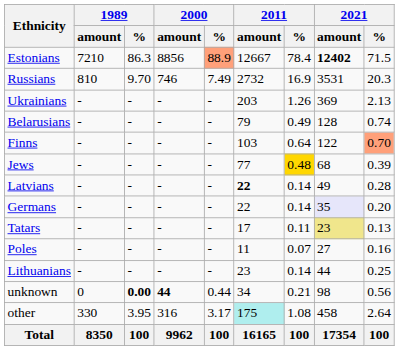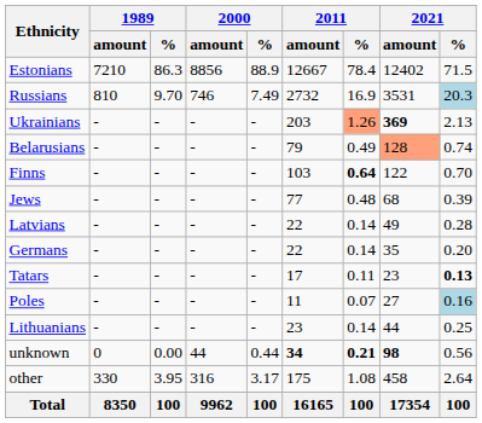 <table class="wikitable sortable mw-collapsible">
 <tr>
 <th rowspan="2">Ethnicity</th>
 <th colspan="2"><a href='#'>1989</a></th>
 <th colspan="2"><a href='#'>2000</a></th>
 <th colspan="2"><a href='#'>2011</a></th>
 <th colspan="2"><a href='#'>2021</a></th>
 </tr>
 <tr>
 <th>amount</th>
 <th>%</th>
 <th>amount</th>
 <th>%</th>
 <th>amount</th>
 <th>%</th>
 <th>amount</th>
 <th>%</th>
 </tr>
 <tr>
 <td><a href='#'>Estonians</a></td>
 <td>7210</td>
 <td>86.3</td>
 <td>8856</td>
-<td style="background: lightsalmon;">88.9</td>
+<td>88.9</td>
 <td>12667</td>
 <td>78.4</td>
-<td><strong>12402</strong></td>
+<td>12402</td>
 <td>71.5</td>
 </tr>
 <tr>
 <td><a href='#'>Russians</a></td>
 <td>810</td>
 <td>9.70</td>
 <td>746</td>
 <td>7.49</td>
 <td>2732</td>
 <td>16.9</td>
 <td>3531</td>
-<td>20.3</td>
+<td style="background: lightblue;">20.3</td>
 </tr>
 <tr>
 <td><a href='#'>Ukrainians</a></td>
 <td>-</td>
 <td>-</td>
 <td>-</td>
 <td>-</td>
 <td>203</td>
-<td>1.26</td>
-<td>369</td>
+<td style="background: lightsalmon;">1.26</td>
+<td><strong>369</strong></td>
 <td>2.13</td>
 </tr>
 <tr>
 <td><a href='#'>Belarusians</a></td>
 <td>-</td>
 <td>-</td>
 <td>-</td>
 <td>-</td>
 <td>79</td>
 <td>0.49</td>
-<td>128</td>
+<td style="background: lightsalmon;">128</td>
 <td>0.74</td>
 </tr>
 <tr>
 <td><a href='#'>Finns</a></td>
 <td>-</td>
 <td>-</td>
 <td>-</td>
 <td>-</td>
 <td>103</td>
-<td>0.64</td>
+<td><strong>0.64</strong></td>
 <td>122</td>
-<td style="background: lightsalmon;">0.70</td>
+<td>0.70</td>
 </tr>
 <tr>
 <td><a href='#'>Jews</a></td>
 <td>-</td>
 <td>-</td>
 <td>-</td>
 <td>-</td>
 <td>77</td>
-<td style="background: gold;">0.48</td>
+<td>0.48</td>
 <td>68</td>
 <td>0.39</td>
 </tr>
 <tr>
 <td><a href='#'>Latvians</a></td>
 <td>-</td>
 <td>-</td>
 <td>-</td>
 <td>-</td>
-<td><strong>22</strong></td>
+<td>22</td>
 <td>0.14</td>
 <td>49</td>
 <td>0.28</td>
 </tr>
 <tr>
 <td><a href='#'>Germans</a></td>
 <td>-</td>
 <td>-</td>
 <td>-</td>
 <td>-</td>
 <td>22</td>
 <td>0.14</td>
-<td style="background: lavender;">35</td>
+<td>35</td>
 <td>0.20</td>
 </tr>
 <tr>
 <td><a href='#'>Tatars</a></td>
 <td>-</td>
 <td>-</td>
 <td>-</td>
 <td>-</td>
 <td>17</td>
 <td>0.11</td>
-<td style="background: khaki;">23</td>
-<td>0.13</td>
+<td>23</td>
+<td><strong>0.13</strong></td>
 </tr>
 <tr>
 <td><a href='#'>Poles</a></td>
 <td>-</td>
 <td>-</td>
 <td>-</td>
 <td>-</td>
 <td>11</td>
 <td>0.07</td>
 <td>27</td>
-<td>0.16</td>
+<td style="background: lightblue;">0.16</td>
 </tr>
 <tr>
 <td><a href='#'>Lithuanians</a></td>
 <td>-</td>
 <td>-</td>
 <td>-</td>
 <td>-</td>
 <td>23</td>
 <td>0.14</td>
 <td>44</td>
 <td>0.25</td>
 </tr>
 <tr>
 <td>unknown</td>
 <td>0</td>
-<td><strong>0.00</strong></td>
-<td><strong>44</strong></td>
+<td>0.00</td>
+<td>44</td>
 <td>0.44</td>
-<td>34</td>
-<td>0.21</td>
-<td>98</td>
+<td><strong>34</strong></td>
+<td><strong>0.21</strong></td>
+<td><strong>98</strong></td>
 <td>0.56</td>
 </tr>
 <tr>
 <td>other</td>
 <td>330</td>
 <td>3.95</td>
 <td>316</td>
 <td>3.17</td>
-<td style="background: paleturquoise;">175</td>
+<td>175</td>
 <td>1.08</td>
 <td>458</td>
 <td>2.64</td>
 </tr>
 <tr>
 <th>Total</th>
 <th>8350</th>
 <th>100</th>
 <th>9962</th>
 <th>100</th>
 <th>16165</th>
 <th>100</th>
 <th>17354</th>
 <th>100</th>
 </tr>
 </table>
